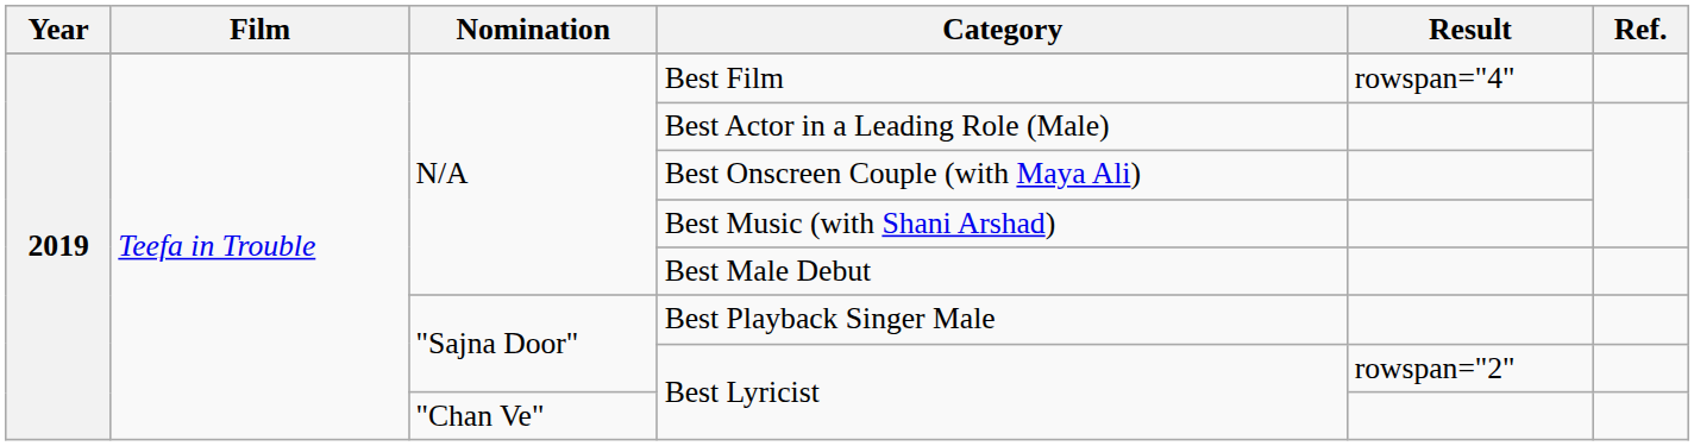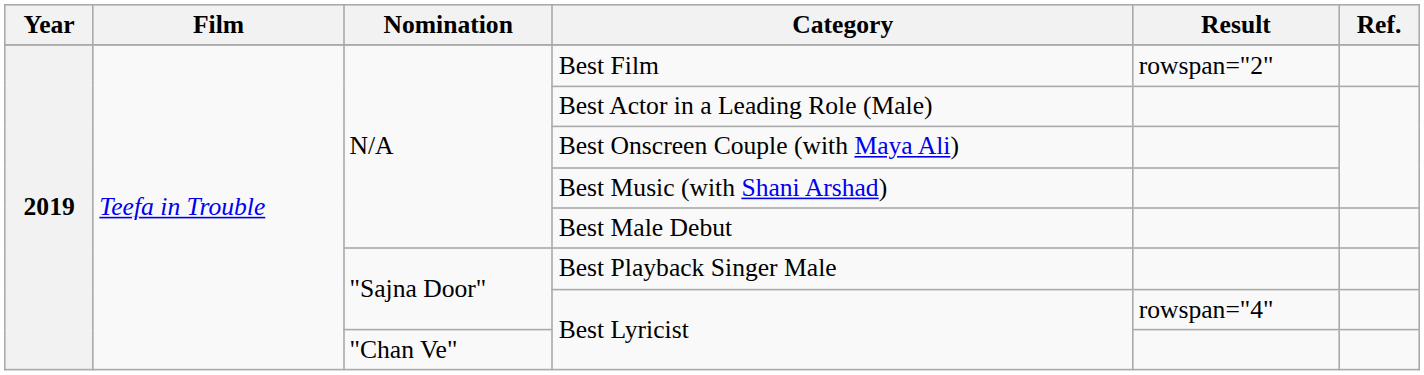 <table class="wikitable plainrowheaders" width="70%" "textcolor:#000;">
 <tr>
 <th>Year</th>
 <th>Film</th>
 <th>Nomination</th>
 <th>Category</th>
 <th>Result</th>
 <th>Ref.</th>
 </tr>
 <tr>
 </tr>
 <tr>
 <th rowspan="8">2019</th>
 <td rowspan="8"><em><a href='#'>Teefa in Trouble</a></em></td>
 <td rowspan="5">N/A</td>
 <td>Best Film</td>
-<td>rowspan="4" </td>
+<td>rowspan="2" </td>
 <td></td>
 </tr>
 <tr>
 <td>Best Actor in a Leading Role (Male)</td>
 <td></td>
 </tr>
 <tr>
 <td>Best Onscreen Couple (with <a href='#'>Maya Ali</a>)</td>
 <td></td>
 </tr>
 <tr>
 <td>Best Music (with <a href='#'>Shani Arshad</a>)</td>
 <td></td>
 </tr>
 <tr>
 <td>Best Male Debut</td>
 <td></td>
 <td></td>
 </tr>
 <tr>
 <td rowspan="2">"Sajna Door"</td>
 <td>Best Playback Singer Male</td>
 <td></td>
 <td></td>
 </tr>
 <tr>
 <td rowspan="2">Best Lyricist</td>
-<td>rowspan="2" </td>
+<td>rowspan="4" </td>
 <td></td>
 </tr>
 <tr>
 <td>"Chan Ve"</td>
 <td></td>
 </tr>
 </table>
